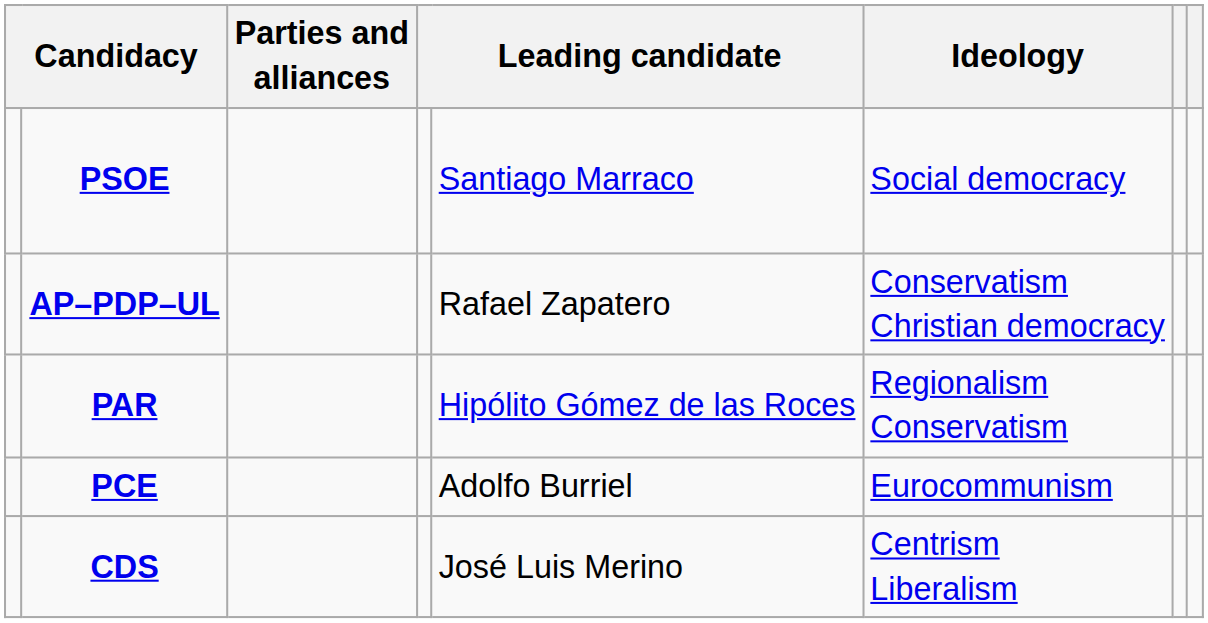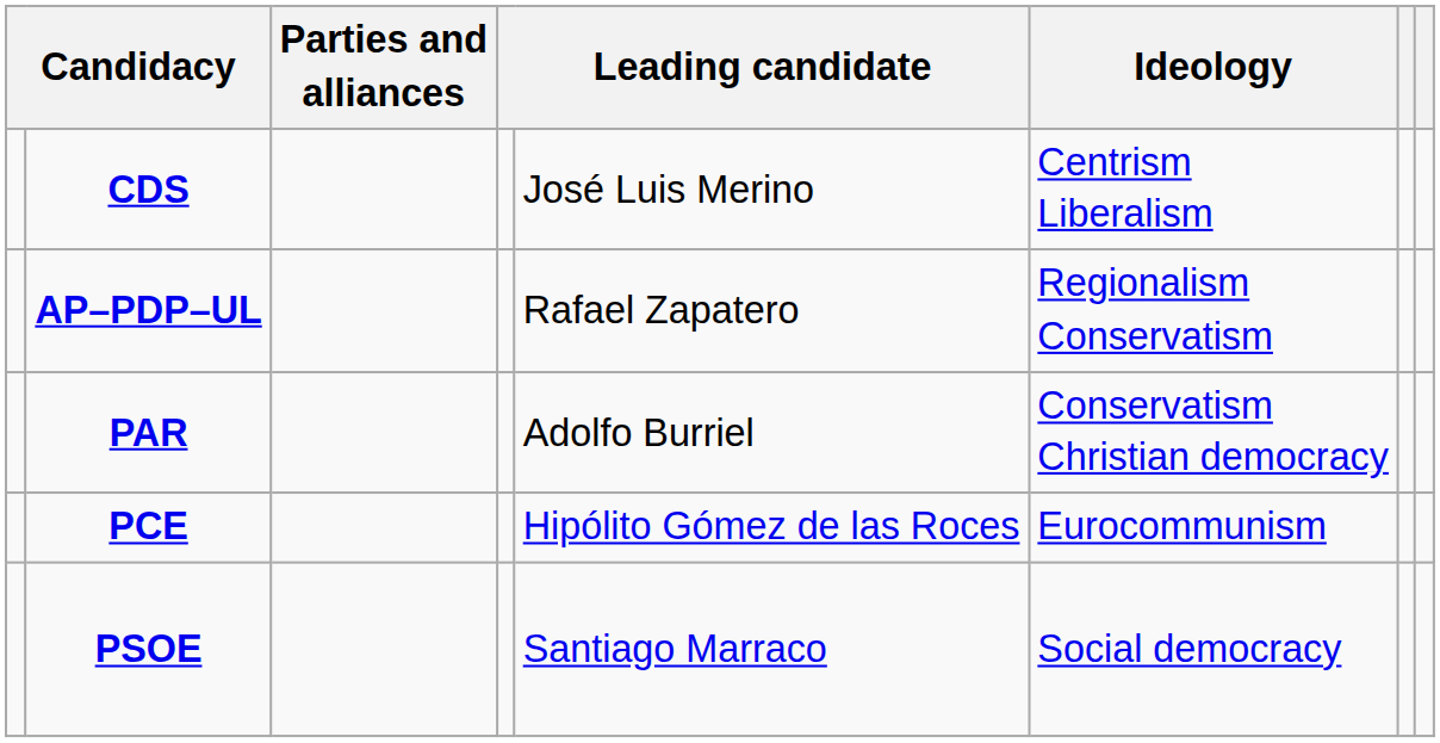 <table class="wikitable" style="line-height:1.35em; text-align:left;">
 <tr>
 <th colspan="2">Candidacy</th>
 <th>Parties and<br>alliances</th>
 <th colspan="2">Leading candidate</th>
 <th>Ideology</th>
 <th></th>
 <th></th>
+</tr>
+<tr>
+<td style="color:inherit;background:"></td>
+<td align="center"><strong><a href='#'>CDS</a></strong></td>
+<td></td>
+<td></td>
+<td>José Luis Merino</td>
+<td><a href='#'>Centrism</a><br><a href='#'>Liberalism</a></td>
+<td></td>
+<td><br></td>
+</tr>
+<tr>
+<td style="color:inherit;background:"></td>
+<td align="center"><strong><a href='#'>AP–PDP–UL</a></strong></td>
+<td></td>
+<td></td>
+<td>Rafael Zapatero</td>
+<td><a href='#'>Regionalism</a><br><a href='#'>Conservatism</a></td>
+<td></td>
+<td><br><br></td>
+</tr>
+<tr>
+<td style="color:inherit;background:"></td>
+<td align="center"><strong><a href='#'>PAR</a></strong></td>
+<td></td>
+<td></td>
+<td>Adolfo Burriel</td>
+<td><a href='#'>Conservatism</a><br><a href='#'>Christian democracy</a></td>
+<td></td>
+<td><br></td>
+</tr>
+<tr>
+<td style="color:inherit;background:"></td>
+<td align="center"><strong><a href='#'>PCE</a></strong></td>
+<td></td>
+<td></td>
+<td><a href='#'>Hipólito Gómez de las Roces</a></td>
+<td><a href='#'>Eurocommunism</a></td>
+<td></td>
+<td><br></td>
 </tr>
 <tr>
 <td width="1" style="color:inherit;background:"></td>
 <td align="center"><strong><a href='#'>PSOE</a></strong></td>
 <td></td>
 <td></td>
 <td><a href='#'>Santiago Marraco</a></td>
 <td><a href='#'>Social democracy</a></td>
 <td></td>
 <td><br><br><br></td>
 </tr>
-<tr>
-<td style="color:inherit;background:"></td>
-<td align="center"><strong><a href='#'>AP–PDP–UL</a></strong></td>
-<td></td>
-<td></td>
-<td>Rafael Zapatero</td>
-<td><a href='#'>Conservatism</a><br><a href='#'>Christian democracy</a></td>
-<td></td>
-<td><br><br></td>
-</tr>
-<tr>
-<td style="color:inherit;background:"></td>
-<td align="center"><strong><a href='#'>PAR</a></strong></td>
-<td></td>
-<td></td>
-<td><a href='#'>Hipólito Gómez de las Roces</a></td>
-<td><a href='#'>Regionalism</a><br><a href='#'>Conservatism</a></td>
-<td></td>
-<td><br></td>
-</tr>
-<tr>
-<td style="color:inherit;background:"></td>
-<td align="center"><strong><a href='#'>PCE</a></strong></td>
-<td></td>
-<td></td>
-<td>Adolfo Burriel</td>
-<td><a href='#'>Eurocommunism</a></td>
-<td></td>
-<td><br></td>
-</tr>
-<tr>
-<td style="color:inherit;background:"></td>
-<td align="center"><strong><a href='#'>CDS</a></strong></td>
-<td></td>
-<td></td>
-<td>José Luis Merino</td>
-<td><a href='#'>Centrism</a><br><a href='#'>Liberalism</a></td>
-<td></td>
-<td><br></td>
-</tr>
 </table>
